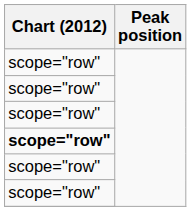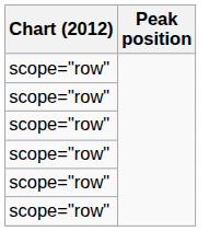 <table class="wikitable sortable">
 <tr>
 <th>Chart (2012)</th>
 <th>Peak<br>position</th>
 </tr>
 <tr>
 <td>scope="row" </td>
 </tr>
 <tr>
 <td>scope="row" </td>
 </tr>
 <tr>
 <td>scope="row" </td>
 </tr>
 <tr>
-<td><strong>scope="row" </strong></td>
+<td>scope="row" </td>
 </tr>
 <tr>
 <td>scope="row" </td>
 </tr>
 <tr>
 <td>scope="row" </td>
 </tr>
 <tr>
 </tr>
 </table>
